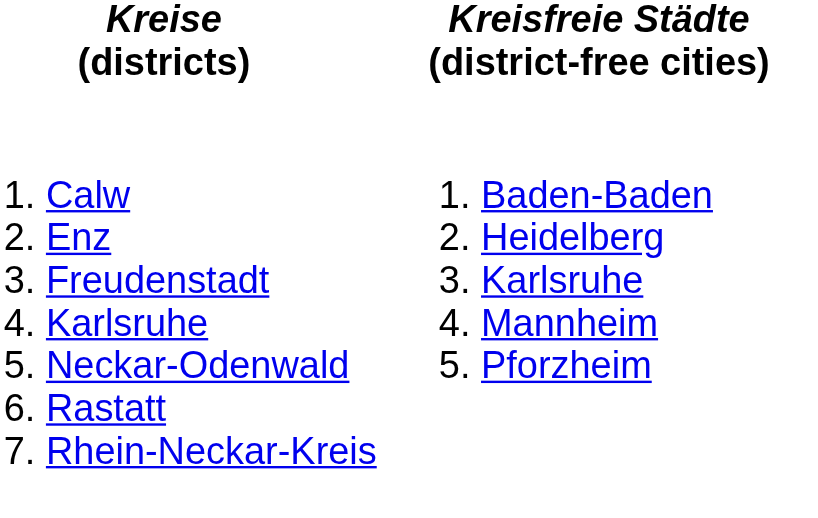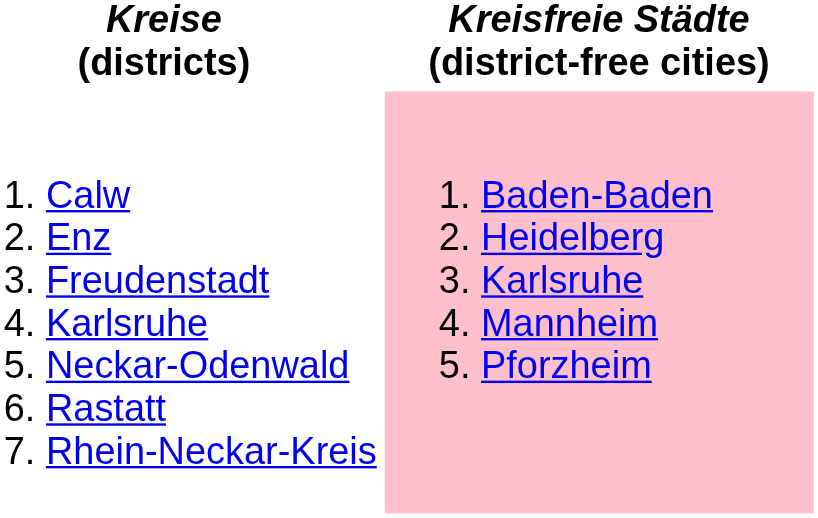 <table>
 <tr>
 <th width=50%><em>Kreise</em><br>(districts)</th>
 <th width=50%><em>Kreisfreie Städte</em><br>(district-free cities)</th>
 </tr>
 <tr valign=top>
 <td><br><ol><li><a href='#'>Calw</a></li><li><a href='#'>Enz</a></li><li><a href='#'>Freudenstadt</a></li><li><a href='#'>Karlsruhe</a></li><li><a href='#'>Neckar-Odenwald</a></li><li><a href='#'>Rastatt</a></li><li><a href='#'>Rhein-Neckar-Kreis</a></li></ol></td>
-<td><br><ol><li><a href='#'>Baden-Baden</a></li><li><a href='#'>Heidelberg</a></li><li><a href='#'>Karlsruhe</a></li><li><a href='#'>Mannheim</a></li><li><a href='#'>Pforzheim</a></li></ol></td>
+<td style="background: pink;"><br><ol><li><a href='#'>Baden-Baden</a></li><li><a href='#'>Heidelberg</a></li><li><a href='#'>Karlsruhe</a></li><li><a href='#'>Mannheim</a></li><li><a href='#'>Pforzheim</a></li></ol></td>
 </tr>
 </table>
